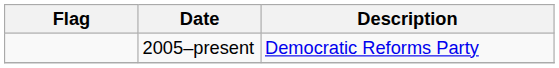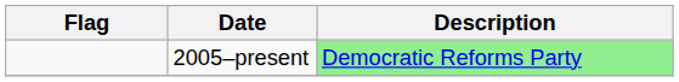 <table class="wikitable">
 <tr>
 <th Flag of Tatev width="110">Flag</th>
 <th width="100">Date</th>
 <th width="250">Description</th>
 </tr>
 <tr>
 <td></td>
 <td>2005–present</td>
-<td><a href='#'>Democratic Reforms Party</a></td>
+<td style="background: lightgreen;"><a href='#'>Democratic Reforms Party</a></td>
 </tr>
 <tr>
 </tr>
 </table>
